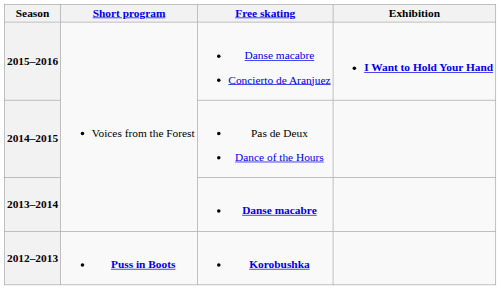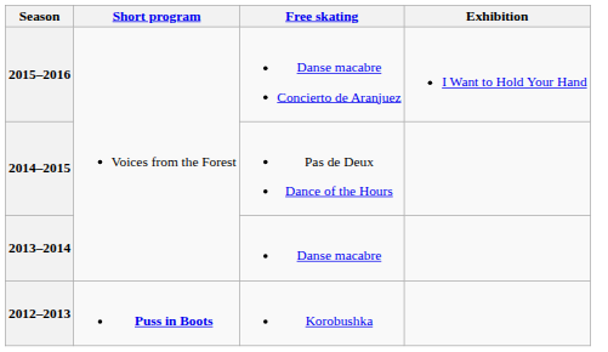 <table class=wikitable style=text-align:center>
 <tr>
 <th>Season</th>
 <th><a href='#'>Short program</a></th>
 <th><a href='#'>Free skating</a></th>
 <th>Exhibition</th>
 </tr>
 <tr>
 <th>2015–2016 <br> </th>
 <td rowspan=3><br><ul><li>Voices from the Forest <br></li></ul></td>
 <td><br><ul><li><a href='#'>Danse macabre</a> <br></li></ul><ul><li><a href='#'>Concierto de Aranjuez</a> <br></li></ul></td>
-<td><strong><br><ul><li><a href='#'>I Want to Hold Your Hand</a> <br></li></ul></strong></td>
+<td><br><ul><li><a href='#'>I Want to Hold Your Hand</a> <br></li></ul></td>
 </tr>
 <tr>
 <th>2014–2015 <br> </th>
 <td><br><ul><li>Pas de Deux <br></li></ul><ul><li><a href='#'>Dance of the Hours</a> <br></li></ul></td>
 <td></td>
 </tr>
 <tr>
 <th>2013–2014 <br> </th>
-<td><strong><br><ul><li><a href='#'>Danse macabre</a> <br></li></ul></strong></td>
+<td><br><ul><li><a href='#'>Danse macabre</a> <br></li></ul></td>
 <td></td>
 </tr>
 <tr>
 <th>2012–2013 <br> </th>
 <td><strong><br><ul><li><a href='#'>Puss in Boots</a> <br></li></ul></strong></td>
-<td><strong><br><ul><li><a href='#'>Korobushka</a> <br></li></ul></strong></td>
+<td><br><ul><li><a href='#'>Korobushka</a> <br></li></ul></td>
 <td></td>
 </tr>
 </table>
